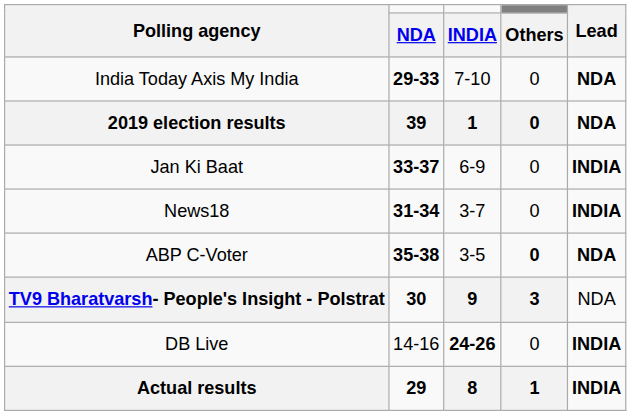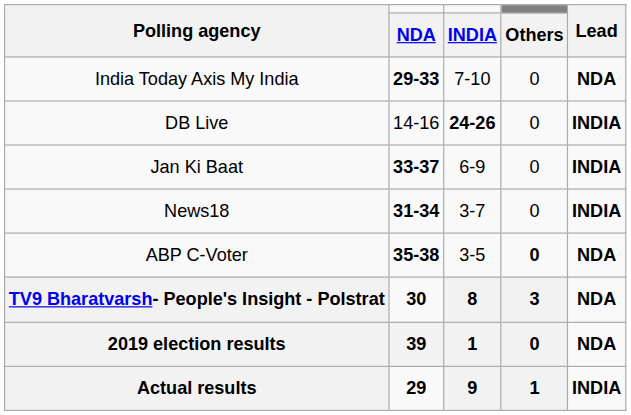 <table class="wikitable" style="text-align:center;font-size:95%;line-height:30px;">
 <tr>
 <th rowspan="2" class="wikitable">Polling agency</th>
 <td></td>
 <td></td>
 <td style="background:grey;"></td>
 <th rowspan="2">Lead</th>
 </tr>
 <tr>
 <th class="wikitable"><a href='#'>NDA</a></th>
 <th class="wikitable"><a href='#'>INDIA</a></th>
 <th class="wikitable">Others</th>
 </tr>
 <tr>
 <td>India Today Axis My India</td>
 <td bgcolor=><strong>29-33</strong></td>
 <td>7-10</td>
 <td>0</td>
 <td bgcolor=><strong>NDA</strong></td>
 </tr>
 <tr>
-<th>2019 election results</th>
-<th bgcolor=><strong>39</strong></th>
-<th>1</th>
-<th>0</th>
-<td bgcolor=><strong>NDA</strong></td>
+<td>DB Live</td>
+<td>14-16</td>
+<td bgcolor=><strong>24-26</strong></td>
+<td>0</td>
+<td bgcolor=><strong>INDIA</strong></td>
 </tr>
 <tr>
 <td>Jan Ki Baat</td>
 <td bgcolor=><strong>33-37</strong></td>
 <td>6-9</td>
 <td>0</td>
 <td bgcolor=><strong>INDIA</strong></td>
 </tr>
 <tr>
 <td>News18</td>
 <td bgcolor=><strong>31-34</strong></td>
 <td>3-7</td>
 <td>0</td>
 <td bgcolor=><strong>INDIA</strong></td>
 </tr>
 <tr>
 <td>ABP C-Voter</td>
 <td bgcolor=><strong>35-38</strong></td>
 <td>3-5</td>
 <td><strong>0</strong></td>
 <td bgcolor=><strong>NDA</strong></td>
 </tr>
 <tr>
 <th><a href='#'>TV9 Bharatvarsh</a>- People's Insight - Polstrat</th>
 <td bgcolor=><strong>30</strong></td>
-<th>9</th>
+<th>8</th>
 <th>3</th>
-<td>NDA</td>
+<td><strong>NDA</strong></td>
 </tr>
 <tr>
-<td>DB Live</td>
-<td>14-16</td>
-<td bgcolor=><strong>24-26</strong></td>
-<td>0</td>
-<td bgcolor=><strong>INDIA</strong></td>
+<th>2019 election results</th>
+<th bgcolor=><strong>39</strong></th>
+<th>1</th>
+<th>0</th>
+<td bgcolor=><strong>NDA</strong></td>
 </tr>
 <tr>
 <th>Actual results</th>
 <td><strong>29</strong></td>
-<th>8</th>
+<th>9</th>
 <th>1</th>
 <td bgcolor=><strong>INDIA</strong></td>
 </tr>
 </table>
